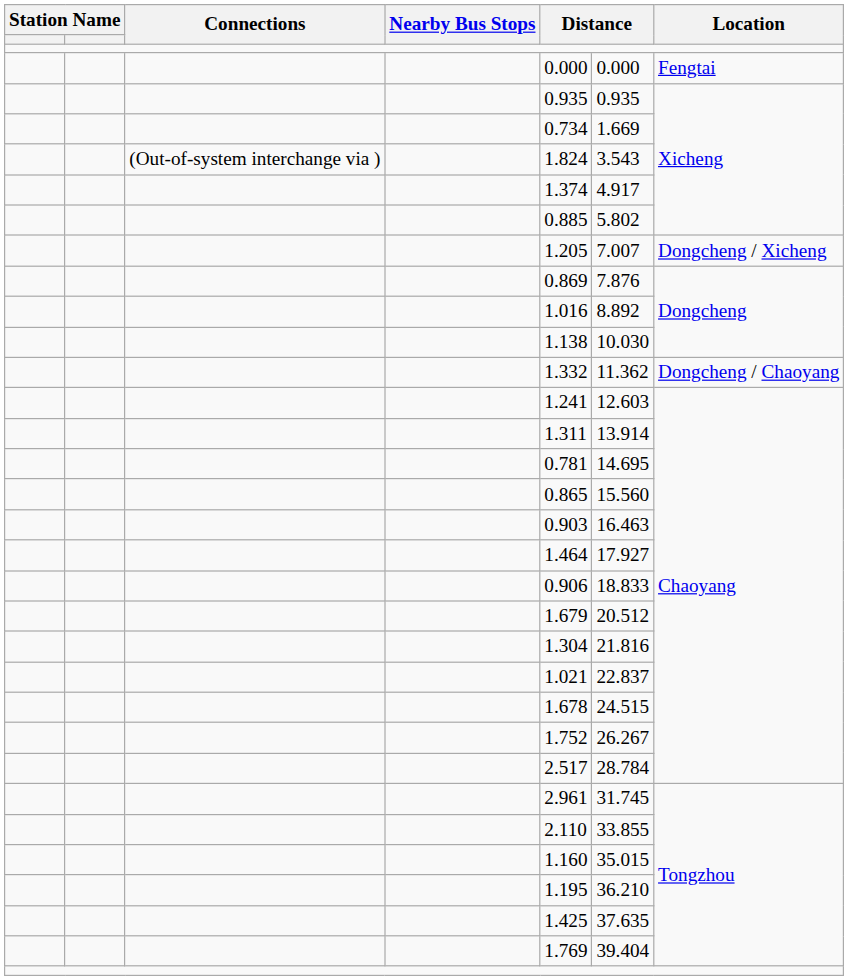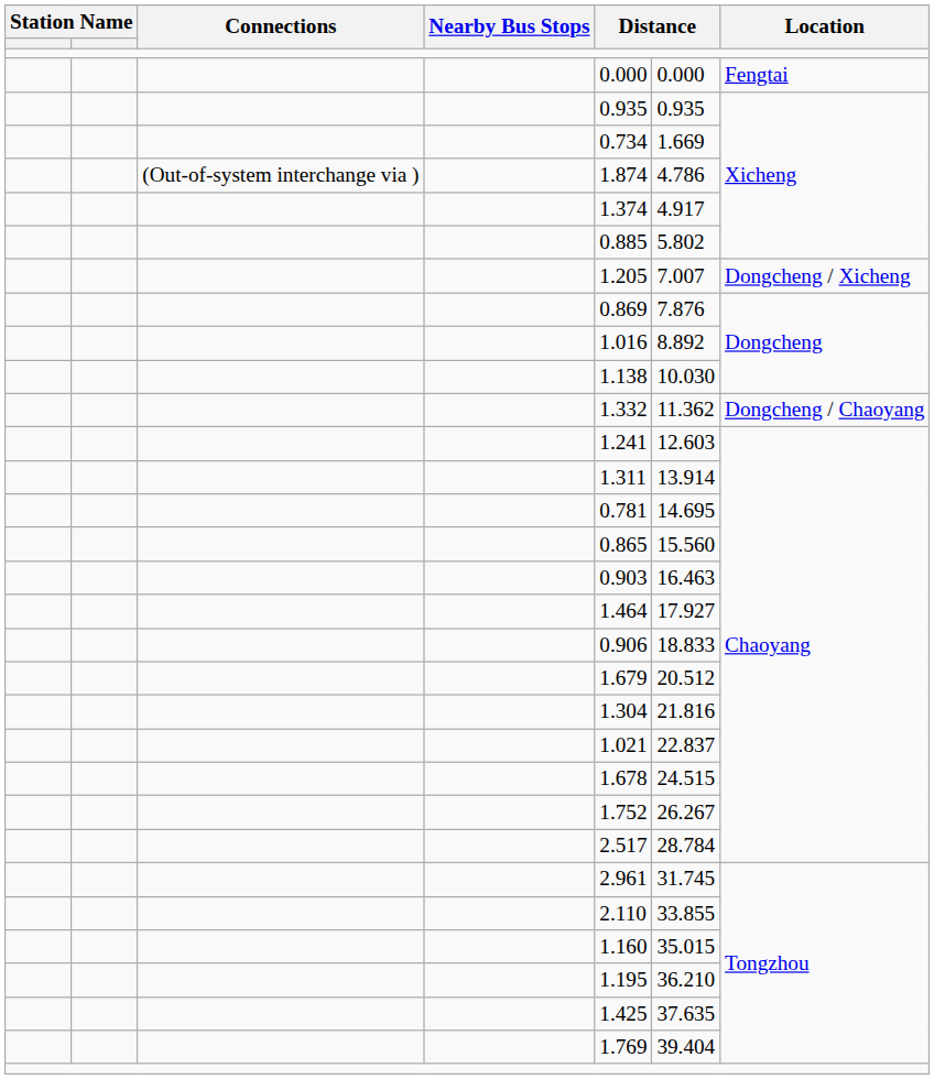 <table class="wikitable">
 <tr>
 <th colspan="2">Station Name</th>
 <th rowspan="2">Connections</th>
 <th rowspan="2"><a href='#'>Nearby Bus Stops</a></th>
 <th colspan="2" rowspan="2">Distance<br></th>
 <th rowspan="2">Location</th>
 </tr>
 <tr>
 <th></th>
 <th></th>
 </tr>
 <tr style="background:#">
 <td colspan = "7"></td>
 </tr>
 <tr>
 <td></td>
 <td></td>
 <td>    </td>
 <td></td>
 <td>0.000</td>
 <td>0.000</td>
 <td rowspan="1"><a href='#'>Fengtai</a></td>
 </tr>
 <tr>
 <td></td>
 <td></td>
 <td></td>
 <td></td>
 <td>0.935</td>
 <td>0.935</td>
 <td rowspan="5"><a href='#'>Xicheng</a></td>
 </tr>
 <tr>
 <td></td>
 <td></td>
 <td></td>
 <td></td>
 <td>0.734</td>
 <td>1.669</td>
 </tr>
 <tr>
 <td></td>
 <td></td>
 <td> (Out-of-system interchange via )</td>
 <td></td>
-<td>1.824</td>
-<td>3.543</td>
+<td>1.874</td>
+<td>4.786</td>
 </tr>
 <tr>
 <td></td>
 <td></td>
 <td></td>
 <td></td>
 <td>1.374</td>
 <td>4.917</td>
 </tr>
 <tr>
 <td></td>
 <td></td>
 <td></td>
 <td></td>
 <td>0.885</td>
 <td>5.802</td>
 </tr>
 <tr>
 <td></td>
 <td></td>
 <td></td>
 <td></td>
 <td>1.205</td>
 <td>7.007</td>
 <td rowspan="1"><a href='#'>Dongcheng</a> / <a href='#'>Xicheng</a></td>
 </tr>
 <tr>
 <td></td>
 <td></td>
 <td></td>
 <td></td>
 <td>0.869</td>
 <td>7.876</td>
 <td rowspan="3"><a href='#'>Dongcheng</a></td>
 </tr>
 <tr>
 <td></td>
 <td></td>
 <td></td>
 <td></td>
 <td>1.016</td>
 <td>8.892</td>
 </tr>
 <tr>
 <td></td>
 <td></td>
 <td></td>
 <td></td>
 <td>1.138</td>
 <td>10.030</td>
 </tr>
 <tr>
 <td></td>
 <td></td>
 <td></td>
 <td></td>
 <td>1.332</td>
 <td>11.362</td>
 <td><a href='#'>Dongcheng</a> / <a href='#'>Chaoyang</a></td>
 </tr>
 <tr>
 <td></td>
 <td></td>
 <td></td>
 <td></td>
 <td>1.241</td>
 <td>12.603</td>
 <td rowspan="13"><a href='#'>Chaoyang</a></td>
 </tr>
 <tr>
 <td></td>
 <td></td>
 <td></td>
 <td></td>
 <td>1.311</td>
 <td>13.914</td>
 </tr>
 <tr>
 <td></td>
 <td></td>
 <td></td>
 <td></td>
 <td>0.781</td>
 <td>14.695</td>
 </tr>
 <tr>
 <td></td>
 <td></td>
 <td></td>
 <td></td>
 <td>0.865</td>
 <td>15.560</td>
 </tr>
 <tr>
 <td></td>
 <td></td>
 <td></td>
 <td></td>
 <td>0.903</td>
 <td>16.463</td>
 </tr>
 <tr>
 <td></td>
 <td></td>
 <td></td>
 <td></td>
 <td>1.464</td>
 <td>17.927</td>
 </tr>
 <tr>
 <td></td>
 <td></td>
 <td></td>
 <td></td>
 <td>0.906</td>
 <td>18.833</td>
 </tr>
 <tr>
 <td></td>
 <td></td>
 <td></td>
 <td></td>
 <td>1.679</td>
 <td>20.512</td>
 </tr>
 <tr>
 <td></td>
 <td></td>
 <td></td>
 <td></td>
 <td>1.304</td>
 <td>21.816</td>
 </tr>
 <tr>
 <td></td>
 <td></td>
 <td></td>
 <td></td>
 <td>1.021</td>
 <td>22.837</td>
 </tr>
 <tr>
 <td></td>
 <td></td>
 <td></td>
 <td></td>
 <td>1.678</td>
 <td>24.515</td>
 </tr>
 <tr>
 <td></td>
 <td></td>
 <td></td>
 <td></td>
 <td>1.752</td>
 <td>26.267</td>
 </tr>
 <tr>
 <td></td>
 <td></td>
 <td></td>
 <td></td>
 <td>2.517</td>
 <td>28.784</td>
 </tr>
 <tr>
 <td></td>
 <td></td>
 <td></td>
 <td></td>
 <td>2.961</td>
 <td>31.745</td>
 <td rowspan="6"><a href='#'>Tongzhou</a></td>
 </tr>
 <tr>
 <td></td>
 <td></td>
 <td></td>
 <td></td>
 <td>2.110</td>
 <td>33.855</td>
 </tr>
 <tr>
 <td></td>
 <td></td>
 <td></td>
 <td></td>
 <td>1.160</td>
 <td>35.015</td>
 </tr>
 <tr>
 <td></td>
 <td></td>
 <td></td>
 <td></td>
 <td>1.195</td>
 <td>36.210</td>
 </tr>
 <tr>
 <td></td>
 <td></td>
 <td></td>
 <td></td>
 <td>1.425</td>
 <td>37.635</td>
 </tr>
 <tr>
 <td></td>
 <td></td>
 <td></td>
 <td></td>
 <td>1.769</td>
 <td>39.404</td>
 </tr>
 <tr style="background:#">
 <td colspan = "7"></td>
 </tr>
 </table>
